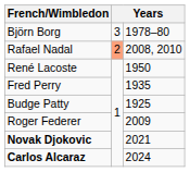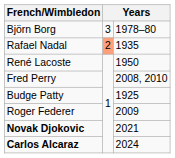 <table class=wikitable style="display:inline-table;">
 <tr>
 <th>French/Wimbledon</th>
 <th colspan=2>Years</th>
 </tr>
 <tr>
 <td> Björn Borg</td>
 <td>3</td>
 <td>1978–80</td>
 </tr>
 <tr>
 <td> Rafael Nadal</td>
 <td style="background: lightsalmon;">2</td>
-<td>2008, 2010</td>
+<td>1935</td>
 </tr>
 <tr>
 <td> René Lacoste</td>
 <td rowspan="6">1</td>
 <td>1950</td>
 </tr>
 <tr>
 <td> Fred Perry</td>
-<td>1935</td>
+<td>2008, 2010</td>
 </tr>
 <tr>
 <td> Budge Patty</td>
 <td>1925</td>
 </tr>
 <tr>
 <td> Roger Federer</td>
 <td>2009</td>
 </tr>
 <tr>
 <td> <strong>Novak Djokovic</strong></td>
 <td>2021</td>
 </tr>
 <tr>
 <td> <strong>Carlos Alcaraz</strong></td>
 <td>2024</td>
 </tr>
 </table>
